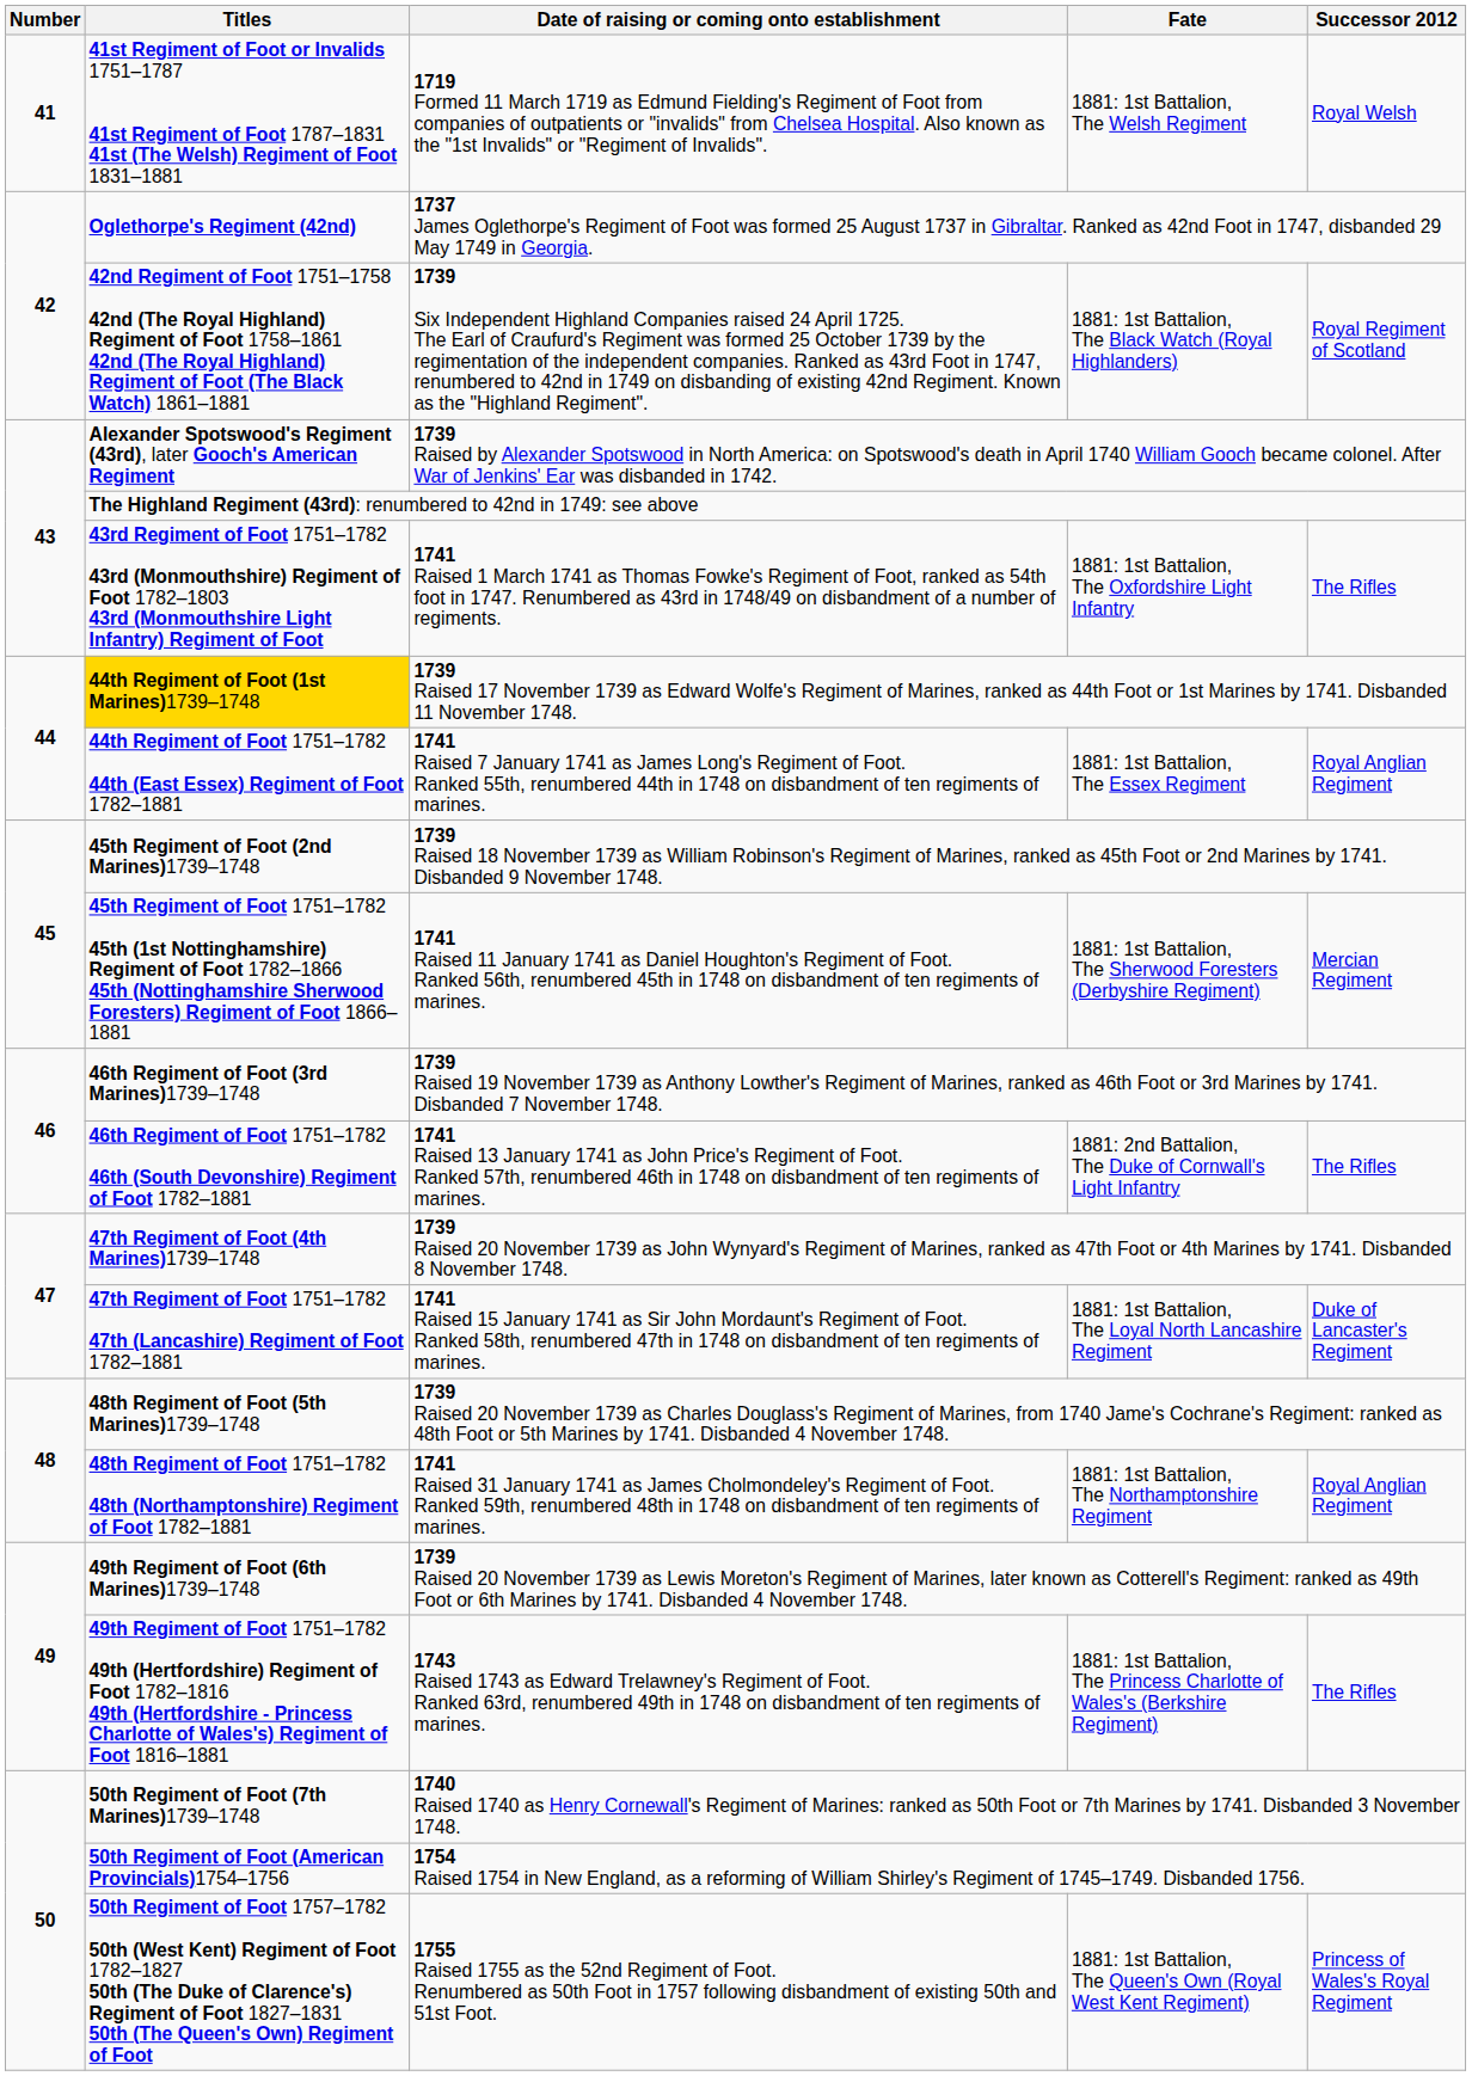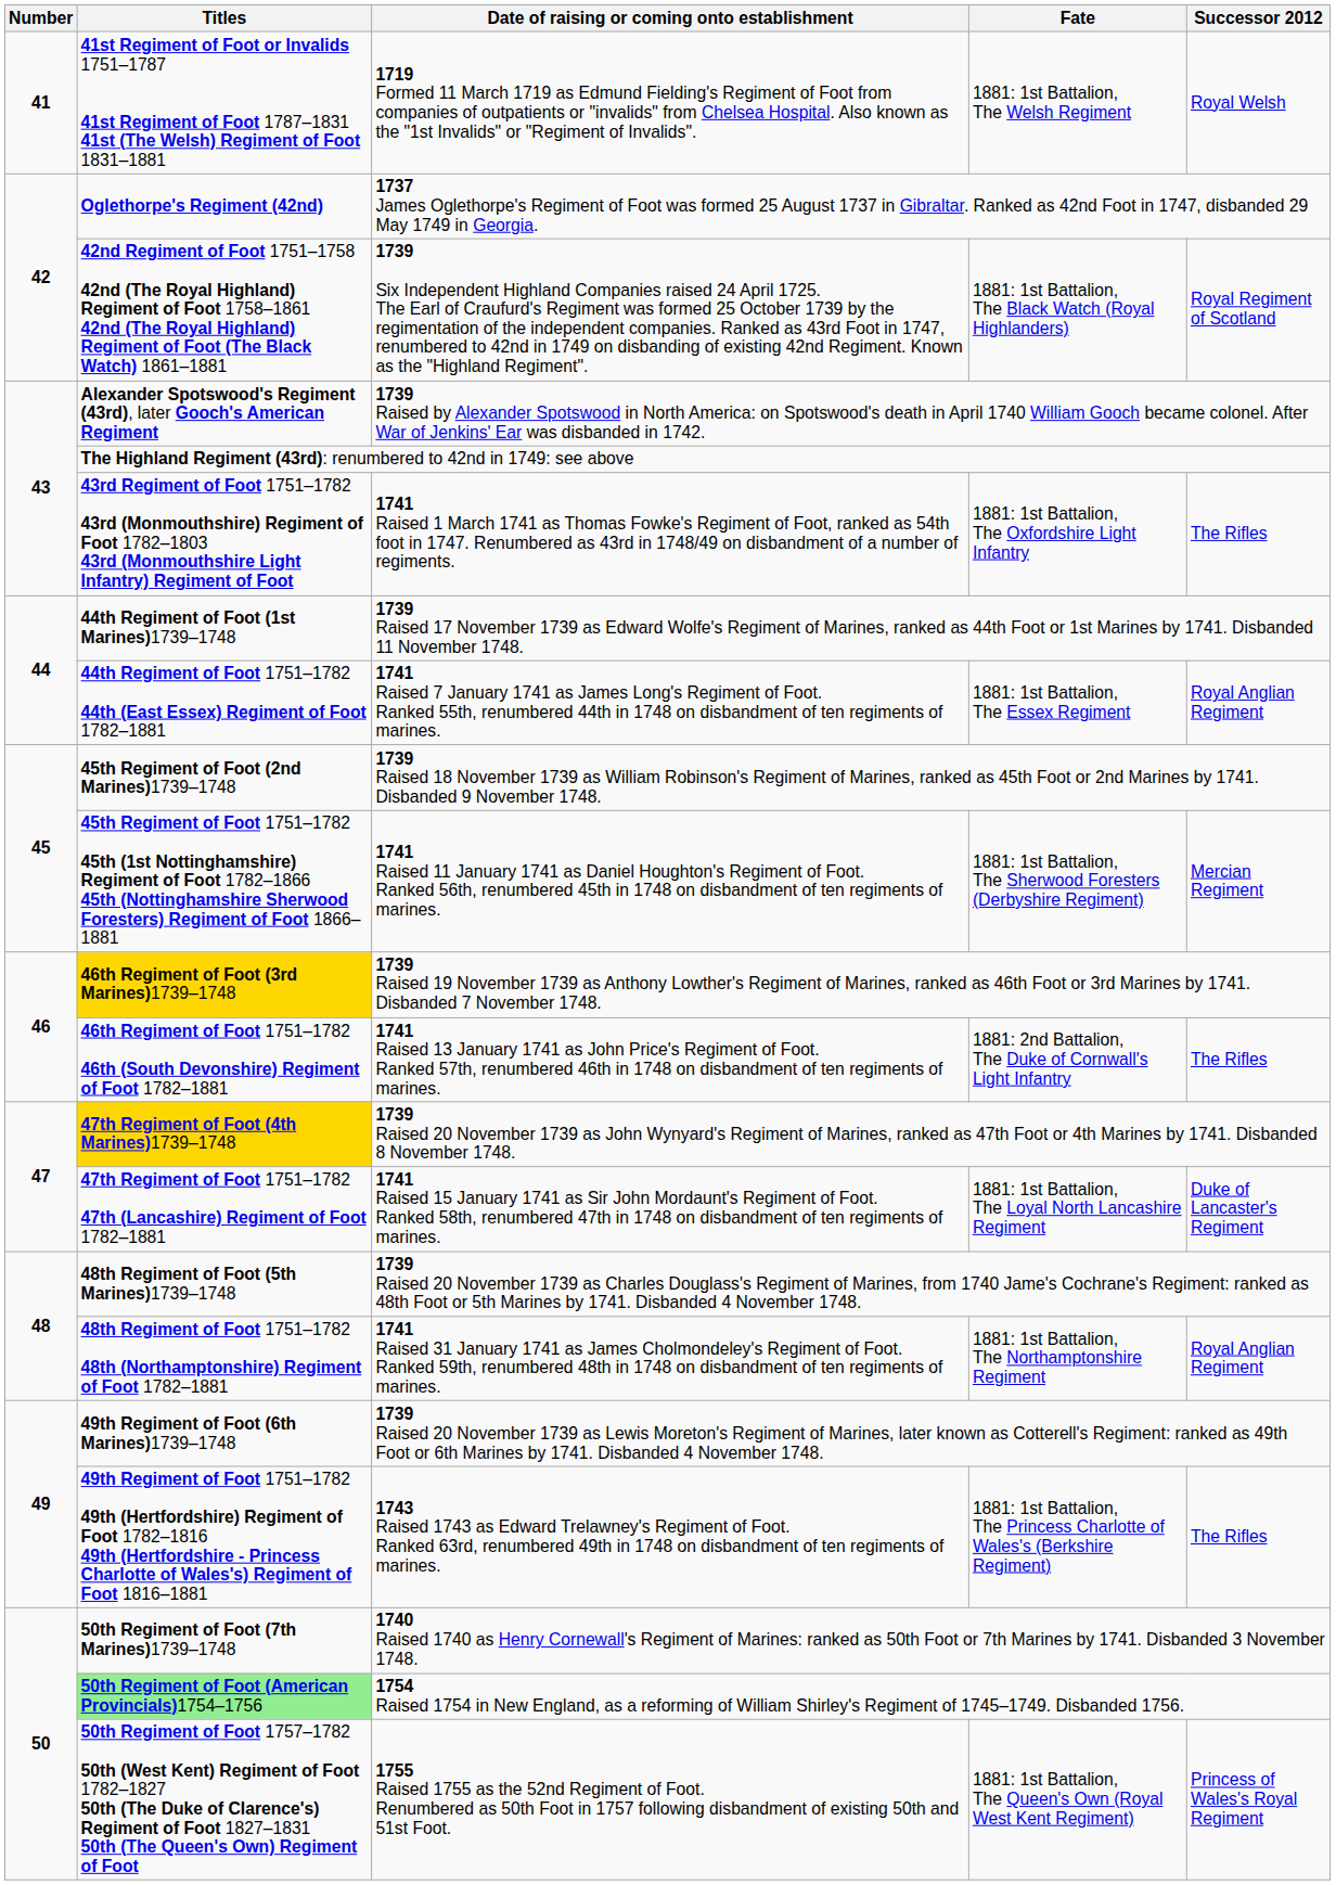 <table class="wikitable">
 <tr>
 <th>Number</th>
 <th>Titles</th>
 <th>Date of raising or coming onto establishment</th>
 <th>Fate</th>
 <th>Successor 2012</th>
 </tr>
 <tr>
 <td align=center valign=middle><strong>41</strong></td>
 <td><strong><a href='#'>41st Regiment of Foot or Invalids</a></strong> 1751–1787<br><br><br><strong><a href='#'>41st Regiment of Foot</a></strong> 1787–1831<br> <strong><a href='#'>41st (The Welsh) Regiment of Foot</a></strong> 1831–1881<br></td>
 <td><strong>1719</strong><br>Formed 11 March 1719 as Edmund Fielding's Regiment of Foot from companies of outpatients or "invalids" from <a href='#'>Chelsea Hospital</a>. Also known as the "1st Invalids" or "Regiment of Invalids".</td>
 <td>1881: 1st Battalion,<br>The <a href='#'>Welsh Regiment</a></td>
 <td><a href='#'>Royal Welsh</a></td>
 </tr>
 <tr>
 <td align=center valign=middle rowspan=2><strong>42</strong></td>
 <td><strong><a href='#'>Oglethorpe's Regiment (42nd)</a></strong></td>
 <td colspan=3><strong>1737</strong><br>James Oglethorpe's Regiment of Foot was formed 25 August 1737 in <a href='#'>Gibraltar</a>. Ranked as 42nd Foot in 1747, disbanded 29 May 1749 in <a href='#'>Georgia</a>.</td>
 </tr>
 <tr>
 <td><strong><a href='#'>42nd Regiment of Foot</a></strong> 1751–1758<br><br><strong>42nd (The Royal Highland) Regiment of Foot</strong> 1758–1861<br> <strong><a href='#'>42nd (The Royal Highland) Regiment of Foot (The Black Watch)</a></strong> 1861–1881</td>
 <td><strong>1739</strong><br><br>Six Independent Highland Companies raised 24 April 1725.<br>The Earl of Craufurd's Regiment was formed 25 October 1739 by the regimentation of the independent companies. Ranked as 43rd Foot in 1747, renumbered to 42nd in 1749 on disbanding of existing 42nd Regiment. Known as the "Highland Regiment".</td>
 <td>1881: 1st Battalion,<br>The <a href='#'>Black Watch (Royal Highlanders)</a></td>
 <td><a href='#'>Royal Regiment of Scotland</a></td>
 </tr>
 <tr>
 <td align=center valign=middle rowspan="3"><strong>43</strong></td>
 <td><strong>Alexander Spotswood's Regiment (43rd)</strong>, later <strong><a href='#'>Gooch's American Regiment</a></strong></td>
 <td colspan="3"><strong>1739</strong><br>Raised by <a href='#'>Alexander Spotswood</a> in North America: on Spotswood's death in April 1740 <a href='#'>William Gooch</a> became colonel. After <a href='#'>War of Jenkins' Ear</a> was disbanded in 1742.</td>
 </tr>
 <tr>
 <td colspan="5"><strong>The Highland Regiment (43rd)</strong>: renumbered to 42nd in 1749: see above</td>
 </tr>
 <tr>
 <td><strong><a href='#'>43rd Regiment of Foot</a></strong> 1751–1782<br><br><strong>43rd (Monmouthshire) Regiment of Foot</strong> 1782–1803<br> <strong><a href='#'>43rd (Monmouthshire Light Infantry) Regiment of Foot</a></strong></td>
 <td><strong>1741</strong><br>Raised 1 March 1741 as Thomas Fowke's Regiment of Foot, ranked as 54th foot in 1747. Renumbered as 43rd in 1748/49 on disbandment of a number of regiments.</td>
 <td>1881: 1st Battalion,<br>The <a href='#'>Oxfordshire Light Infantry</a></td>
 <td><a href='#'>The Rifles</a></td>
 </tr>
 <tr>
 <td align=center valign=middle rowspan="2"><strong>44</strong></td>
-<td style="background: gold;"><strong>44th Regiment of Foot (1st Marines)</strong>1739–1748</td>
+<td><strong>44th Regiment of Foot (1st Marines)</strong>1739–1748</td>
 <td colspan="3"><strong>1739</strong><br>Raised 17 November 1739 as Edward Wolfe's Regiment of Marines, ranked as 44th Foot or 1st Marines by 1741. Disbanded 11 November 1748.</td>
 </tr>
 <tr>
 <td><strong><a href='#'>44th Regiment of Foot</a></strong> 1751–1782<br><br><strong><a href='#'>44th (East Essex) Regiment of Foot</a></strong> 1782–1881</td>
 <td><strong>1741</strong><br>Raised 7 January 1741 as James Long's Regiment of Foot.<br> Ranked 55th, renumbered 44th in 1748 on disbandment of ten regiments of marines.</td>
 <td>1881: 1st Battalion,<br>The <a href='#'>Essex Regiment</a></td>
 <td><a href='#'>Royal Anglian Regiment</a></td>
 </tr>
 <tr>
 <td align=center valign=middle rowspan="2"><strong>45</strong></td>
 <td><strong>45th Regiment of Foot (2nd Marines)</strong>1739–1748</td>
 <td colspan="3"><strong>1739</strong><br>Raised 18 November 1739 as William Robinson's Regiment of Marines, ranked as 45th Foot or 2nd Marines by 1741. Disbanded 9 November 1748.</td>
 </tr>
 <tr>
 <td><strong><a href='#'>45th Regiment of Foot</a></strong> 1751–1782<br><br><strong>45th (1st Nottinghamshire) Regiment of Foot</strong> 1782–1866<br> <strong><a href='#'>45th (Nottinghamshire Sherwood Foresters) Regiment of Foot</a></strong> 1866–1881</td>
 <td><strong>1741</strong><br>Raised 11 January 1741 as Daniel Houghton's Regiment of Foot.<br> Ranked 56th, renumbered 45th in 1748 on disbandment of ten regiments of marines.</td>
 <td>1881: 1st Battalion,<br>The <a href='#'>Sherwood Foresters (Derbyshire Regiment)</a></td>
 <td><a href='#'>Mercian Regiment</a></td>
 </tr>
 <tr>
 <td align=center valign=middle rowspan="2"><strong>46</strong></td>
-<td><strong>46th Regiment of Foot (3rd Marines)</strong>1739–1748</td>
+<td style="background: gold;"><strong>46th Regiment of Foot (3rd Marines)</strong>1739–1748</td>
 <td colspan="3"><strong>1739</strong><br>Raised 19 November 1739 as Anthony Lowther's Regiment of Marines, ranked as 46th Foot or 3rd Marines by 1741. Disbanded 7 November 1748.</td>
 </tr>
 <tr>
 <td><strong><a href='#'>46th Regiment of Foot</a></strong> 1751–1782<br><br><strong><a href='#'>46th (South Devonshire) Regiment of Foot</a></strong> 1782–1881</td>
 <td><strong>1741</strong><br>Raised 13 January 1741 as John Price's Regiment of Foot.<br> Ranked 57th, renumbered 46th in 1748 on disbandment of ten regiments of marines.</td>
 <td>1881: 2nd Battalion,<br>The <a href='#'>Duke of Cornwall's Light Infantry</a></td>
 <td><a href='#'>The Rifles</a></td>
 </tr>
 <tr>
 <td align=center valign=middle rowspan="2"><strong>47</strong></td>
-<td><strong><a href='#'>47th Regiment of Foot (4th Marines)</a></strong>1739–1748</td>
+<td style="background: gold;"><strong><a href='#'>47th Regiment of Foot (4th Marines)</a></strong>1739–1748</td>
 <td colspan="3"><strong>1739</strong><br>Raised 20 November 1739 as John Wynyard's Regiment of Marines, ranked as 47th Foot or 4th Marines by 1741. Disbanded 8 November 1748.</td>
 </tr>
 <tr>
 <td><strong><a href='#'>47th Regiment of Foot</a></strong> 1751–1782<br><br><strong><a href='#'>47th (Lancashire) Regiment of Foot</a></strong> 1782–1881</td>
 <td><strong>1741</strong><br>Raised 15 January 1741 as Sir John Mordaunt's Regiment of Foot.<br> Ranked 58th, renumbered 47th in 1748 on disbandment of ten regiments of marines.</td>
 <td>1881: 1st Battalion,<br>The <a href='#'>Loyal North Lancashire Regiment</a></td>
 <td><a href='#'>Duke of Lancaster's Regiment</a></td>
 </tr>
 <tr>
 <td align=center valign=middle rowspan="2"><strong>48</strong></td>
 <td><strong>48th Regiment of Foot (5th Marines)</strong>1739–1748</td>
 <td colspan="3"><strong>1739</strong><br>Raised 20 November 1739 as Charles Douglass's Regiment of Marines, from 1740 Jame's Cochrane's Regiment: ranked as 48th Foot or 5th Marines by 1741. Disbanded 4 November 1748.</td>
 </tr>
 <tr>
 <td><strong><a href='#'>48th Regiment of Foot</a></strong> 1751–1782<br><br><strong><a href='#'>48th (Northamptonshire) Regiment of Foot</a></strong> 1782–1881</td>
 <td><strong>1741</strong><br>Raised 31 January 1741 as James Cholmondeley's Regiment of Foot.<br> Ranked 59th, renumbered 48th in 1748 on disbandment of ten regiments of marines.</td>
 <td>1881: 1st Battalion,<br>The <a href='#'>Northamptonshire Regiment</a></td>
 <td><a href='#'>Royal Anglian Regiment</a></td>
 </tr>
 <tr>
 <td align=center valign=middle rowspan="2"><strong>49</strong></td>
 <td><strong>49th Regiment of Foot (6th Marines)</strong>1739–1748</td>
 <td colspan="3"><strong>1739</strong><br>Raised 20 November 1739 as Lewis Moreton's Regiment of Marines, later known as Cotterell's Regiment: ranked as 49th Foot or 6th Marines by 1741. Disbanded 4 November 1748.</td>
 </tr>
 <tr>
 <td><strong><a href='#'>49th Regiment of Foot</a></strong> 1751–1782<br><br><strong>49th (Hertfordshire) Regiment of Foot</strong> 1782–1816<br> <strong><a href='#'>49th (Hertfordshire - Princess Charlotte of Wales's) Regiment of Foot</a></strong> 1816–1881</td>
 <td><strong>1743</strong><br>Raised 1743 as Edward Trelawney's Regiment of Foot.<br> Ranked 63rd, renumbered 49th in 1748 on disbandment of ten regiments of marines.</td>
 <td>1881: 1st Battalion,<br>The <a href='#'>Princess Charlotte of Wales's (Berkshire Regiment)</a></td>
 <td><a href='#'>The Rifles</a></td>
 </tr>
 <tr>
 <td align=center valign=middle rowspan="3"><strong>50</strong></td>
 <td><strong>50th Regiment of Foot (7th Marines)</strong>1739–1748</td>
 <td colspan="3"><strong>1740</strong><br>Raised 1740 as <a href='#'>Henry Cornewall</a>'s Regiment of Marines: ranked as 50th Foot or 7th Marines by 1741. Disbanded 3 November 1748.</td>
 </tr>
 <tr>
-<td><strong><a href='#'>50th Regiment of Foot (American Provincials)</a></strong>1754–1756</td>
+<td style="background: lightgreen;"><strong><a href='#'>50th Regiment of Foot (American Provincials)</a></strong>1754–1756</td>
 <td colspan="3"><strong>1754</strong><br>Raised 1754 in New England, as a reforming of William Shirley's Regiment of 1745–1749. Disbanded 1756.</td>
 </tr>
 <tr>
 <td><strong><a href='#'>50th Regiment of Foot</a></strong> 1757–1782<br><br><strong>50th (West Kent) Regiment of Foot</strong> 1782–1827<br> <strong>50th (The Duke of Clarence's) Regiment of Foot</strong> 1827–1831<br> <strong><a href='#'>50th (The Queen's Own) Regiment of Foot</a></strong></td>
 <td><strong>1755</strong><br>Raised 1755 as the 52nd Regiment of Foot.<br> Renumbered as 50th Foot in 1757 following disbandment of existing 50th and 51st Foot.</td>
 <td>1881: 1st Battalion,<br>The <a href='#'>Queen's Own (Royal West Kent Regiment)</a></td>
 <td><a href='#'>Princess of Wales's Royal Regiment</a></td>
 </tr>
 </table>
